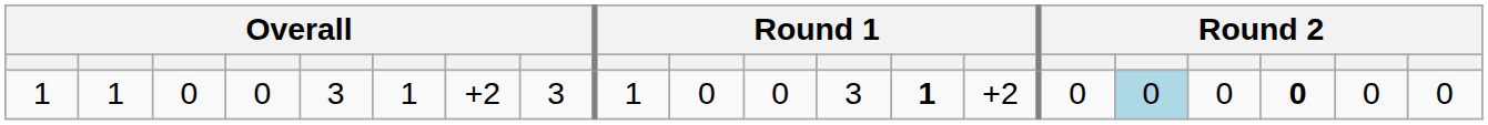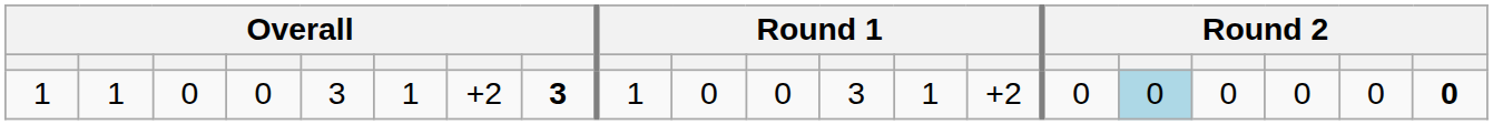 <table class="wikitable" style="text-align:center">
 <tr>
 <th colspan=8 style="border-right:3px solid grey;">Overall</th>
 <th colspan=6 style="border-right:3px solid grey;">Round 1</th>
 <th colspan=6>Round 2</th>
 </tr>
 <tr>
 <th width="30"></th>
 <th width="30"></th>
 <th width="30"></th>
 <th width="30"></th>
 <th width="30"></th>
 <th width="30"></th>
 <th width="30"></th>
 <th width="30" style="border-right:3px solid grey;"></th>
 <th width="30"></th>
 <th width="30"></th>
 <th width="30"></th>
 <th width="30"></th>
 <th width="30"></th>
 <th width="30" style="border-right:3px solid grey;"></th>
 <th width="30"></th>
 <th width="30"></th>
 <th width="30"></th>
 <th width="30"></th>
 <th width="30"></th>
 <th width="30"></th>
 </tr>
 <tr>
 <td>1</td>
 <td>1</td>
 <td>0</td>
 <td>0</td>
 <td>3</td>
 <td>1</td>
 <td>+2</td>
-<td style="border-right:3px solid grey;">3</td>
+<td style="border-right:3px solid grey;"><strong>3</strong></td>
 <td>1</td>
 <td>0</td>
 <td>0</td>
 <td>3</td>
-<td><strong>1</strong></td>
+<td>1</td>
 <td style="border-right:3px solid grey;">+2</td>
 <td>0</td>
 <td style="background: lightblue;">0</td>
 <td>0</td>
-<td><strong>0</strong></td>
 <td>0</td>
 <td>0</td>
+<td><strong>0</strong></td>
 </tr>
 </table>
